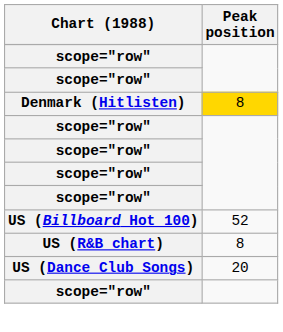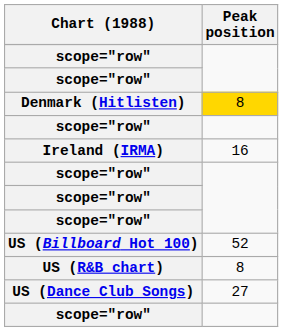 <table class="wikitable sortable plainrowheaders" style="text-align:center">
 <tr>
 <th scope="col">Chart (1988)</th>
 <th scope="col">Peak<br> position</th>
 </tr>
 <tr>
 </tr>
 <tr>
 <th>scope="row"</th>
 </tr>
 <tr>
 <th>scope="row"</th>
 </tr>
 <tr>
 <th scope="row">Denmark (<a href='#'>Hitlisten</a>)</th>
 <td style="background: gold;">8</td>
 </tr>
 <tr>
 <th>scope="row"</th>
 </tr>
 <tr>
+<th scope="row">Ireland (<a href='#'>IRMA</a>)</th>
+<td style="text-align:center;">16</td>
+</tr>
+<tr>
 <th>scope="row"</th>
 </tr>
 <tr>
 <th>scope="row"</th>
 </tr>
 <tr>
 <th>scope="row"</th>
 </tr>
 <tr>
 <th scope="row">US (<a href='#'><em>Billboard</em> Hot 100</a>)</th>
 <td>52</td>
 </tr>
 <tr>
 <th scope="row">US (<a href='#'>R&B chart</a>)</th>
 <td>8</td>
 </tr>
 <tr>
 <th scope="row">US (<a href='#'>Dance Club Songs</a>)</th>
-<td>20</td>
+<td>27</td>
 </tr>
 <tr>
 <th>scope="row"</th>
 </tr>
 </table>
